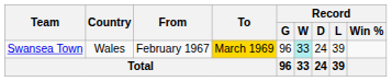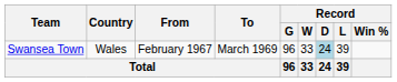 <table class="wikitable" style="text-align: center">
 <tr>
 <th rowspan="2">Team</th>
 <th rowspan="2">Country</th>
 <th rowspan="2">From</th>
 <th rowspan="2">To</th>
 <th colspan="6">Record</th>
 </tr>
 <tr>
 <th>G</th>
 <th>W</th>
 <th>D</th>
 <th>L</th>
 <th>Win %</th>
 </tr>
 <tr>
 <td align=left><a href='#'>Swansea Town</a></td>
 <td>Wales</td>
 <td align=left>February 1967</td>
-<td align=left style="background: gold;">March 1969</td>
+<td align=left>March 1969</td>
 <td>96</td>
-<td style="background: paleturquoise;">33</td>
-<td>24</td>
+<td>33</td>
+<td style="background: lightblue;">24</td>
 <td>39</td>
 <td></td>
 </tr>
 <tr>
 <th colspan="4">Total</th>
 <th>96</th>
 <th>33</th>
 <th>24</th>
 <th>39</th>
 <th></th>
 </tr>
 </table>
